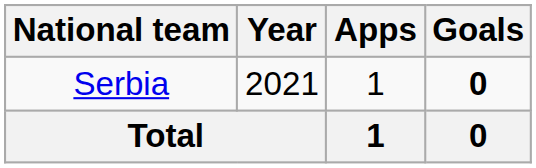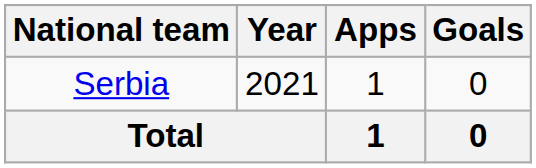 <table class="wikitable" style="text-align:center">
 <tr>
 <th>National team</th>
 <th>Year</th>
 <th>Apps</th>
 <th>Goals</th>
 </tr>
 <tr>
 <td><a href='#'>Serbia</a></td>
 <td>2021</td>
 <td>1</td>
-<td><strong>0</strong></td>
+<td>0</td>
 </tr>
 <tr>
 <th colspan="2">Total</th>
 <th>1</th>
 <th>0</th>
 </tr>
 </table>
